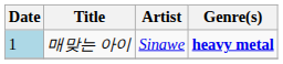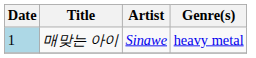 <table class="wikitable" style="text-align: left;">
 <tr>
 <th>Date</th>
 <th>Title</th>
 <th>Artist</th>
 <th>Genre(s)</th>
 </tr>
 <tr>
 <td style="background: lightblue;">1</td>
 <td><em>매맞는 아이</em></td>
 <td><em><a href='#'>Sinawe</a></em></td>
-<td><strong><a href='#'>heavy metal</a></strong></td>
+<td><a href='#'>heavy metal</a></td>
 </tr>
 <tr>
 </tr>
 </table>
